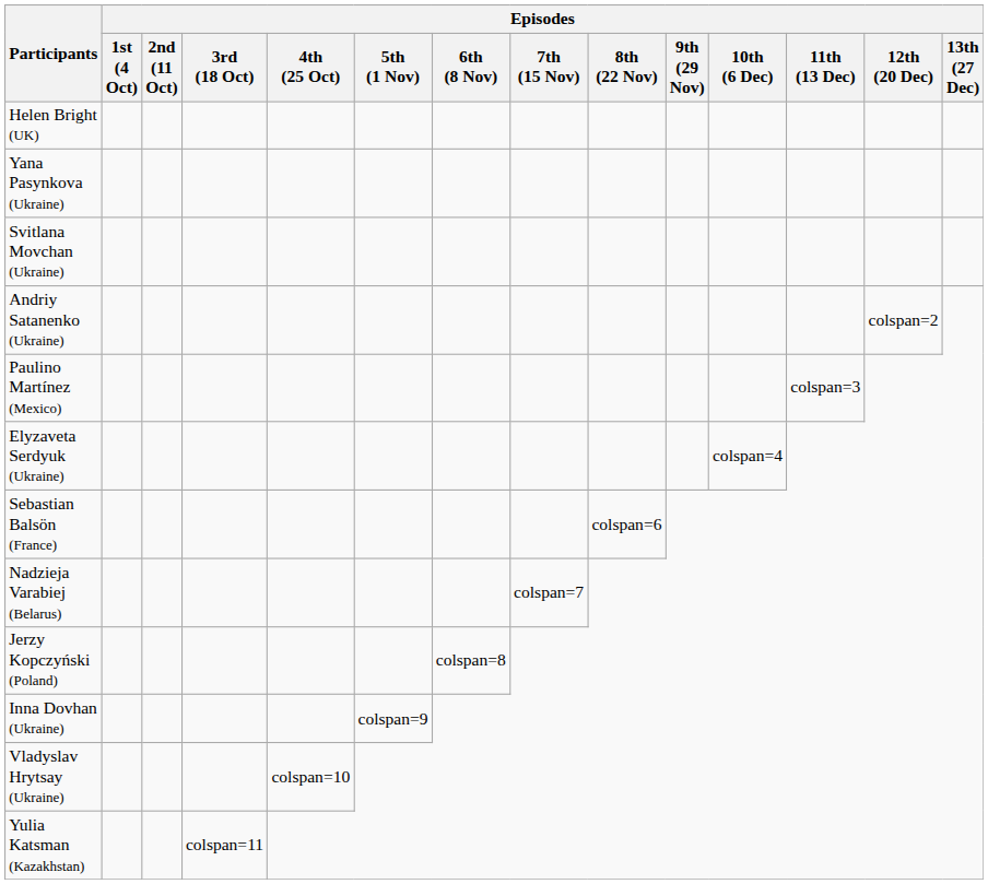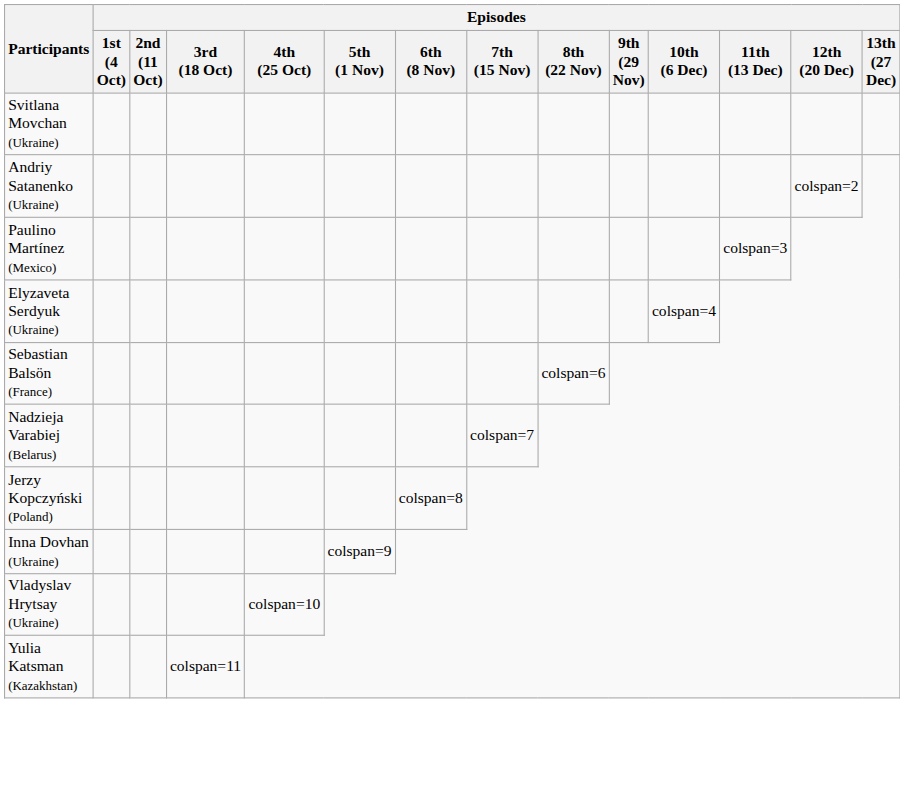 <table class="wikitable" style="font-size:90%;">
 <tr>
 <th rowspan=2>Participants</th>
 <th colspan=13>Episodes</th>
 </tr>
 <tr>
 <th>1st<br>(4 Oct)</th>
 <th>2nd<br>(11 Oct)</th>
 <th>3rd<br>(18 Oct)</th>
 <th>4th<br>(25 Oct)</th>
 <th>5th<br>(1 Nov)</th>
 <th>6th<br>(8 Nov)</th>
 <th>7th<br>(15 Nov)</th>
 <th>8th<br>(22 Nov)</th>
 <th>9th<br>(29 Nov)</th>
 <th>10th<br>(6 Dec)</th>
 <th>11th<br>(13 Dec)</th>
 <th>12th<br>(20 Dec)</th>
 <th>13th<br>(27 Dec)</th>
-</tr>
-<tr>
-<td>Helen Bright <small>(UK)</small></td>
-<td></td>
-<td></td>
-<td></td>
-<td></td>
-<td></td>
-<td></td>
-<td></td>
-<td></td>
-<td></td>
-<td></td>
-<td></td>
-<td></td>
-<td></td>
-</tr>
-<tr>
-<td>Yana Pasynkova <small>(Ukraine)</small></td>
-<td></td>
-<td></td>
-<td></td>
-<td></td>
-<td></td>
-<td></td>
-<td></td>
-<td></td>
-<td></td>
-<td></td>
-<td></td>
-<td></td>
-<td></td>
 </tr>
 <tr>
 <td>Svitlana Movchan <small>(Ukraine)</small></td>
 <td></td>
 <td></td>
 <td></td>
 <td></td>
 <td></td>
 <td></td>
 <td></td>
 <td></td>
 <td></td>
 <td></td>
 <td></td>
 <td></td>
 <td></td>
 </tr>
 <tr>
 <td>Andriy Satanenko <small>(Ukraine)</small></td>
 <td></td>
 <td></td>
 <td></td>
 <td></td>
 <td></td>
 <td></td>
 <td></td>
 <td></td>
 <td></td>
 <td></td>
 <td></td>
 <td>colspan=2 </td>
 </tr>
 <tr>
 <td>Paulino Martínez <small>(Mexico)</small></td>
 <td></td>
 <td></td>
 <td></td>
 <td></td>
 <td></td>
 <td></td>
 <td></td>
 <td></td>
 <td></td>
 <td></td>
 <td>colspan=3 </td>
 </tr>
 <tr>
 <td>Elyzaveta Serdyuk <small>(Ukraine)</small></td>
 <td></td>
 <td></td>
 <td></td>
 <td></td>
 <td></td>
 <td></td>
 <td></td>
 <td></td>
 <td></td>
 <td>colspan=4 </td>
 </tr>
 <tr>
 <td>Sebastian Balsön <small>(France)</small></td>
 <td></td>
 <td></td>
 <td></td>
 <td></td>
 <td></td>
 <td></td>
 <td></td>
 <td>colspan=6 </td>
 </tr>
 <tr>
 <td>Nadzieja Varabiej <small>(Belarus)</small></td>
 <td></td>
 <td></td>
 <td></td>
 <td></td>
 <td></td>
 <td></td>
 <td>colspan=7 </td>
 </tr>
 <tr>
 <td>Jerzy Kopczyński <small>(Poland)</small></td>
 <td></td>
 <td></td>
 <td></td>
 <td></td>
 <td></td>
 <td>colspan=8 </td>
 </tr>
 <tr>
 <td>Inna Dovhan <small>(Ukraine)</small></td>
 <td></td>
 <td></td>
 <td></td>
 <td></td>
 <td>colspan=9 </td>
 </tr>
 <tr>
 <td>Vladyslav Hrytsay <small>(Ukraine)</small></td>
 <td></td>
 <td></td>
 <td></td>
 <td>colspan=10 </td>
 </tr>
 <tr>
 <td>Yulia Katsman <small>(Kazakhstan)</small></td>
 <td></td>
 <td></td>
 <td>colspan=11 </td>
 </tr>
 </table>
